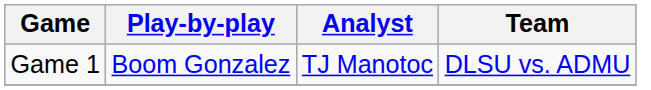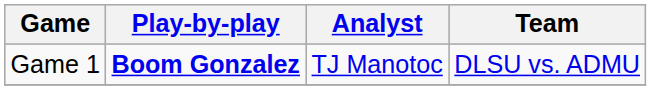 <table class=wikitable>
 <tr>
 <th>Game</th>
 <th><a href='#'>Play-by-play</a></th>
 <th><a href='#'>Analyst</a></th>
 <th>Team</th>
 </tr>
 <tr>
 <td>Game 1</td>
-<td><a href='#'>Boom Gonzalez</a></td>
+<td><strong><a href='#'>Boom Gonzalez</a></strong></td>
 <td><a href='#'>TJ Manotoc</a></td>
 <td><a href='#'>DLSU vs. ADMU</a></td>
 </tr>
 <tr>
 </tr>
 </table>
